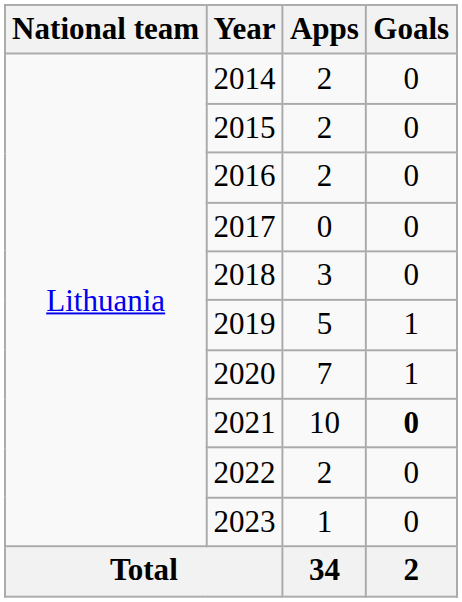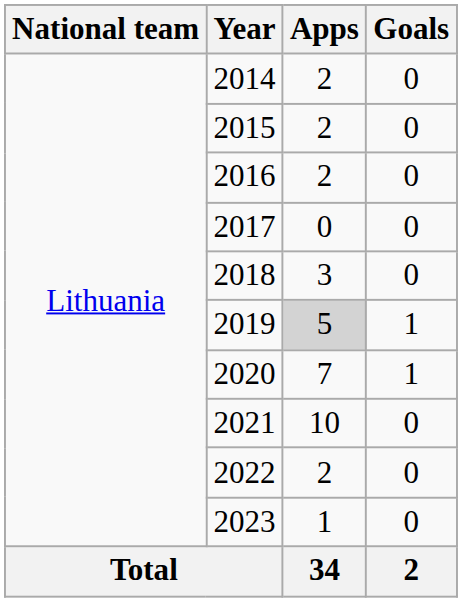 <table class="wikitable" style="text-align:center">
 <tr>
 <th>National team</th>
 <th>Year</th>
 <th>Apps</th>
 <th>Goals</th>
 </tr>
 <tr>
 <td rowspan="10"><a href='#'>Lithuania</a></td>
 <td>2014</td>
 <td>2</td>
 <td>0</td>
 </tr>
 <tr>
 <td>2015</td>
 <td>2</td>
 <td>0</td>
 </tr>
 <tr>
 <td>2016</td>
 <td>2</td>
 <td>0</td>
 </tr>
 <tr>
 <td>2017</td>
 <td>0</td>
 <td>0</td>
 </tr>
 <tr>
 <td>2018</td>
 <td>3</td>
 <td>0</td>
 </tr>
 <tr>
 <td>2019</td>
-<td>5</td>
+<td style="background: lightgrey;">5</td>
 <td>1</td>
 </tr>
 <tr>
 <td>2020</td>
 <td>7</td>
 <td>1</td>
 </tr>
 <tr>
 <td>2021</td>
 <td>10</td>
-<td><strong>0</strong></td>
+<td>0</td>
 </tr>
 <tr>
 <td>2022</td>
 <td>2</td>
 <td>0</td>
 </tr>
 <tr>
 <td>2023</td>
 <td>1</td>
 <td>0</td>
 </tr>
 <tr>
 <th colspan="2">Total</th>
 <th>34</th>
 <th>2</th>
 </tr>
 </table>
